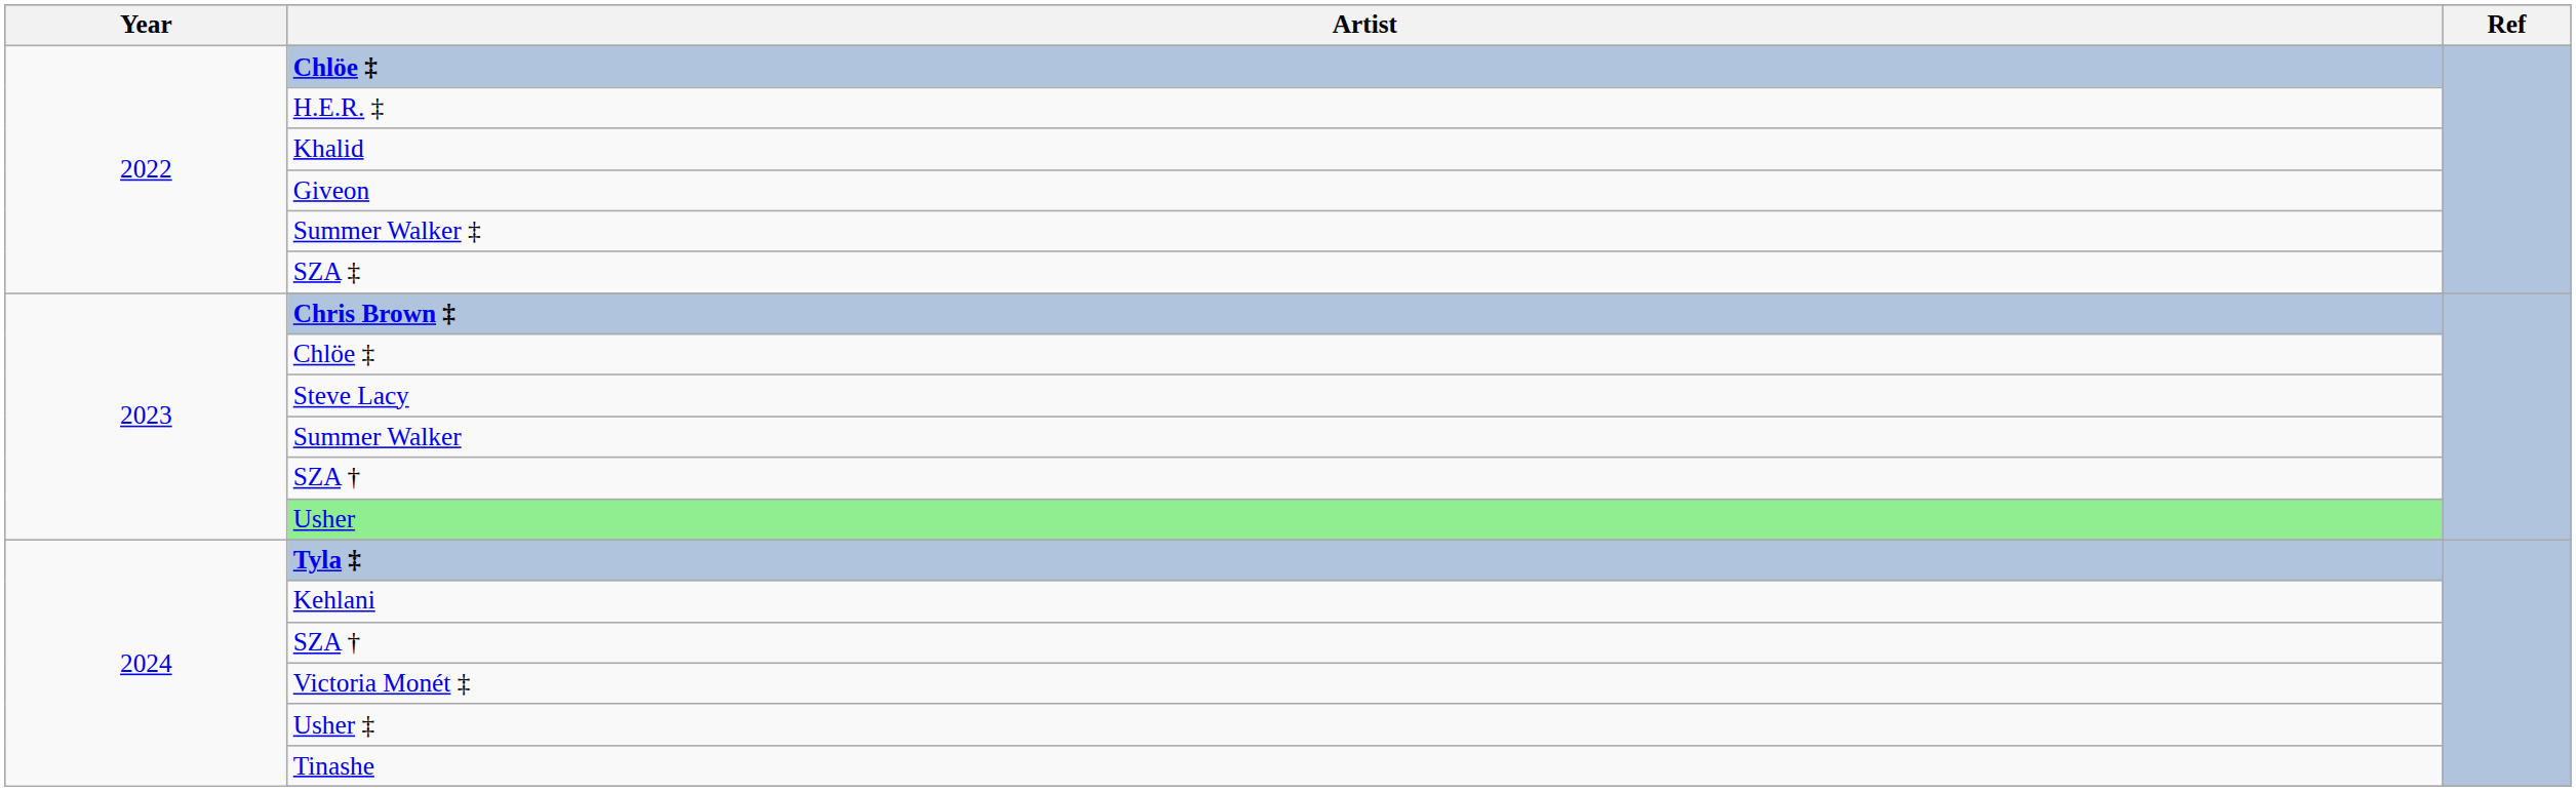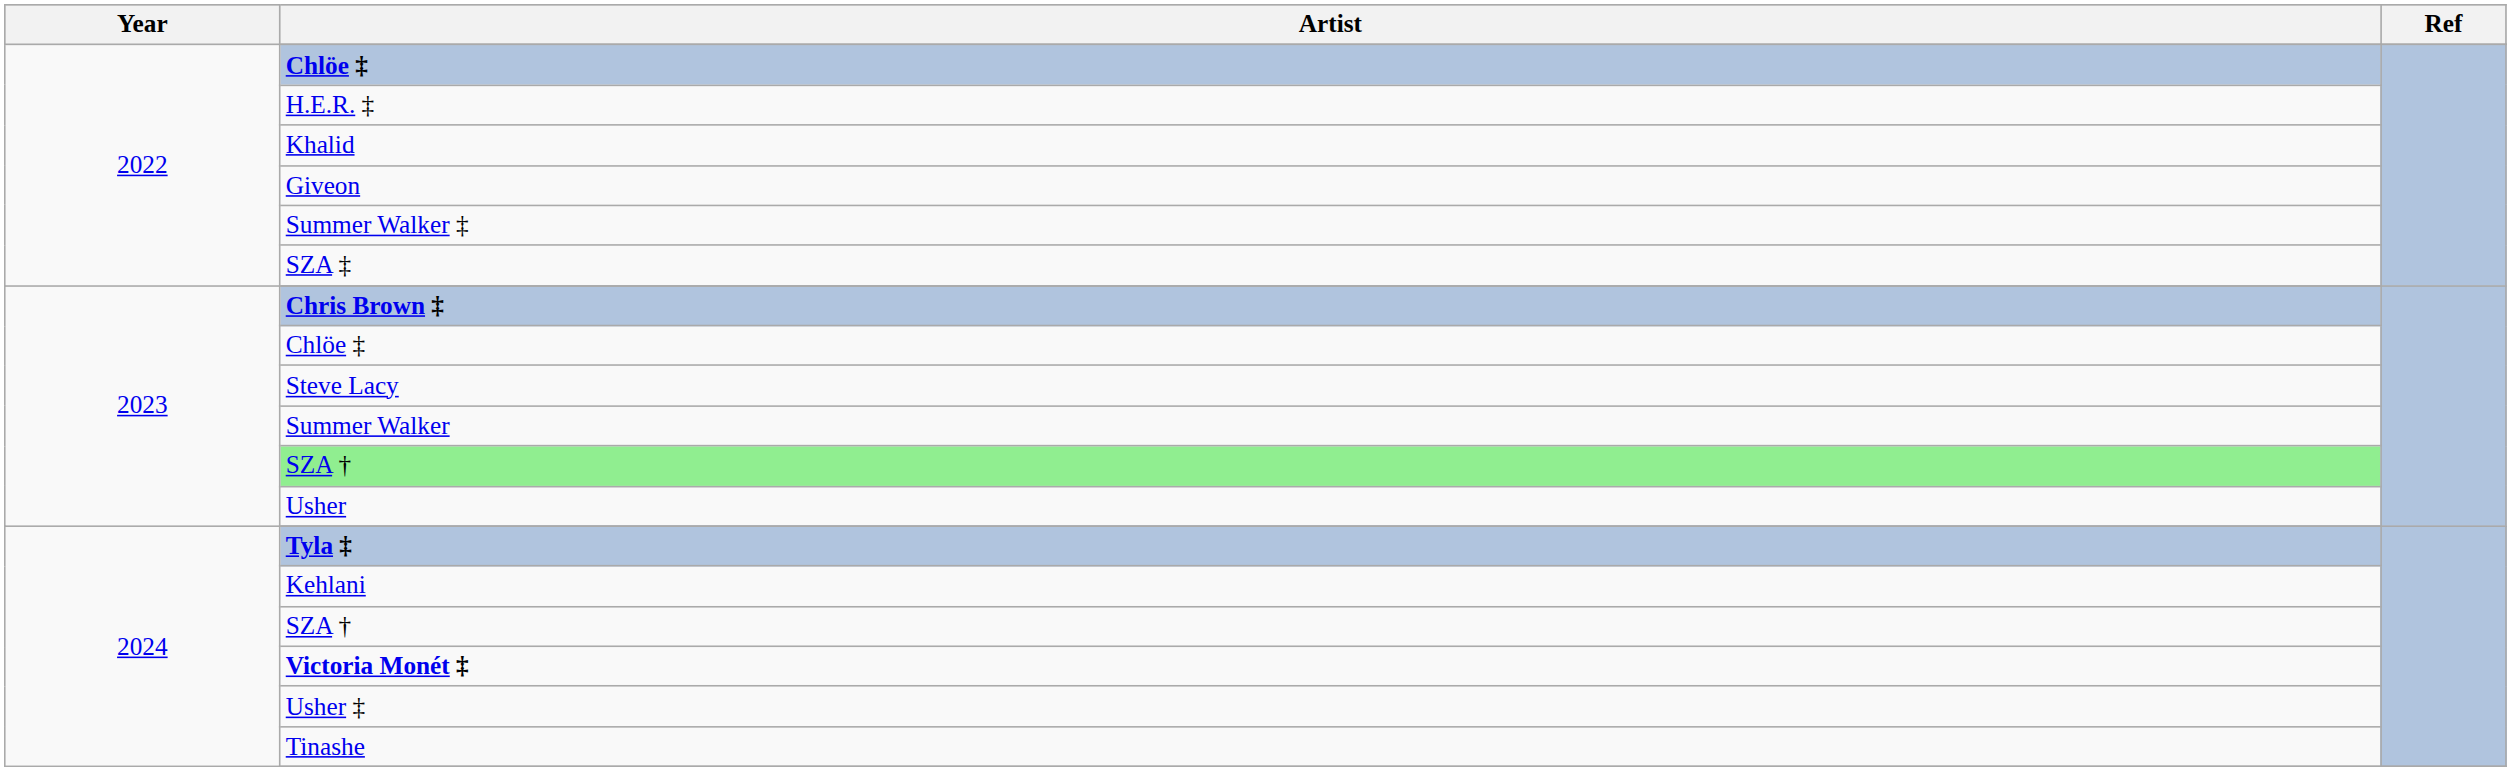 <table class="wikitable" style="width:100%;">
 <tr style="background:#bebebe;">
 <th style="width:11%;">Year</th>
 <th style="width:84%;">Artist</th>
 <th style="width:5%;">Ref</th>
 </tr>
 <tr>
 <td rowspan="7" align="center"><a href='#'>2022</a></td>
 </tr>
 <tr style="background:#B0C4DE">
 <td><strong><a href='#'>Chlöe</a> ‡</strong></td>
 <td rowspan="7" align="center"></td>
 </tr>
 <tr>
 <td><a href='#'>H.E.R.</a> ‡</td>
 </tr>
 <tr>
 <td><a href='#'>Khalid</a></td>
 </tr>
 <tr>
 <td><a href='#'>Giveon</a></td>
 </tr>
 <tr>
 <td><a href='#'>Summer Walker</a> ‡</td>
 </tr>
 <tr>
 <td><a href='#'>SZA</a> ‡</td>
 </tr>
 <tr>
 <td rowspan="7" align="center"><a href='#'>2023</a></td>
 </tr>
 <tr style="background:#B0C4DE">
 <td><strong><a href='#'>Chris Brown</a> ‡</strong></td>
 <td rowspan="7" align="center"></td>
 </tr>
 <tr>
 <td><a href='#'>Chlöe</a> ‡</td>
 </tr>
 <tr>
 <td><a href='#'>Steve Lacy</a></td>
 </tr>
 <tr>
 <td><a href='#'>Summer Walker</a></td>
 </tr>
 <tr>
-<td><a href='#'>SZA</a> †</td>
+<td style="background: lightgreen;"><a href='#'>SZA</a> †</td>
 </tr>
 <tr>
-<td style="background: lightgreen;"><a href='#'>Usher</a></td>
+<td><a href='#'>Usher</a></td>
 </tr>
 <tr>
 <td rowspan="8" align="center"><a href='#'>2024</a></td>
 </tr>
 <tr style="background:#B0C4DE">
 <td><strong><a href='#'>Tyla</a> ‡</strong></td>
 <td rowspan="6" align="center" style="background:#B0C4DE"></td>
 </tr>
 <tr>
 <td><a href='#'>Kehlani</a></td>
 </tr>
 <tr>
 <td><a href='#'>SZA</a> †</td>
 </tr>
 <tr>
-<td><a href='#'>Victoria Monét</a> ‡</td>
+<td><strong><a href='#'>Victoria Monét</a> ‡</strong></td>
 </tr>
 <tr>
 <td><a href='#'>Usher</a> ‡</td>
 </tr>
 <tr>
 <td><a href='#'>Tinashe</a></td>
 </tr>
 <tr>
 </tr>
 </table>
